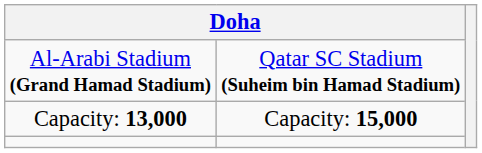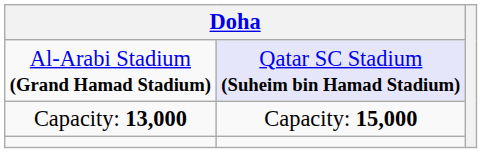 <table class="wikitable" style="text-align:center">
 <tr>
 <th colspan="2"><a href='#'>Doha</a></th>
 <th rowspan="4"></th>
 </tr>
 <tr>
 <td><a href='#'>Al-Arabi Stadium</a><br> <small><strong>(Grand Hamad Stadium)</strong></small></td>
-<td><a href='#'>Qatar SC Stadium</a><br> <small><strong>(Suheim bin Hamad Stadium)</strong></small></td>
+<td style="background: lavender;"><a href='#'>Qatar SC Stadium</a><br> <small><strong>(Suheim bin Hamad Stadium)</strong></small></td>
 </tr>
 <tr>
 <td>Capacity: <strong>13,000</strong></td>
 <td>Capacity: <strong>15,000</strong></td>
 </tr>
 <tr>
 <td></td>
 <td></td>
 </tr>
 </table>
